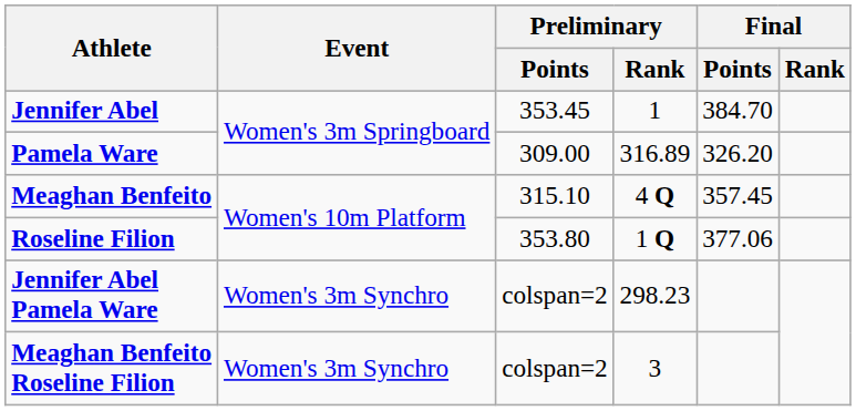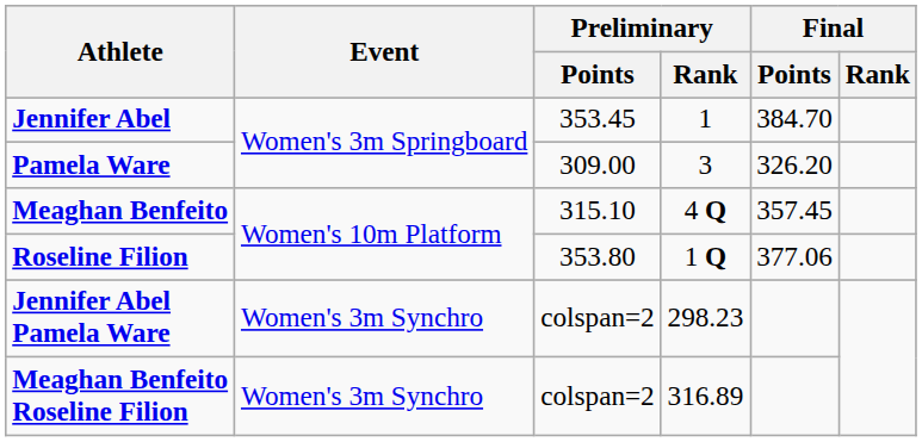 <table class=wikitable style="font-size:90%">
 <tr>
 <th rowspan=2>Athlete</th>
 <th rowspan=2>Event</th>
 <th colspan=2>Preliminary</th>
 <th colspan=2>Final</th>
 </tr>
 <tr>
 <th>Points</th>
 <th>Rank</th>
 <th>Points</th>
 <th>Rank</th>
 </tr>
 <tr align=center>
 <td align=left><strong><a href='#'>Jennifer Abel</a></strong></td>
 <td rowspan=2 align=left><a href='#'>Women's 3m Springboard</a></td>
 <td>353.45</td>
 <td>1</td>
 <td>384.70</td>
 <td></td>
 </tr>
 <tr align=center>
 <td align=left><strong><a href='#'>Pamela Ware</a></strong></td>
 <td>309.00</td>
-<td>316.89</td>
+<td>3</td>
 <td>326.20</td>
 <td></td>
 </tr>
 <tr align=center>
 <td><strong><a href='#'>Meaghan Benfeito</a></strong></td>
 <td rowspan=2 align=left><a href='#'>Women's 10m Platform</a></td>
 <td>315.10</td>
 <td>4 <strong>Q</strong></td>
 <td>357.45</td>
 <td></td>
 </tr>
 <tr align=center>
 <td align=left><strong><a href='#'>Roseline Filion</a></strong></td>
 <td>353.80</td>
 <td>1 <strong>Q</strong></td>
 <td>377.06</td>
 <td></td>
 </tr>
 <tr align=center>
 <td align=left><strong><a href='#'>Jennifer Abel</a><br><a href='#'>Pamela Ware</a></strong></td>
 <td align=left><a href='#'>Women's 3m Synchro</a></td>
 <td>colspan=2 </td>
 <td>298.23</td>
 <td></td>
 </tr>
 <tr align=center>
 <td align=left><strong><a href='#'>Meaghan Benfeito</a><br><a href='#'>Roseline Filion</a></strong></td>
 <td align=left><a href='#'>Women's 3m Synchro</a></td>
 <td>colspan=2 </td>
-<td>3</td>
+<td>316.89</td>
 <td></td>
 </tr>
 </table>
